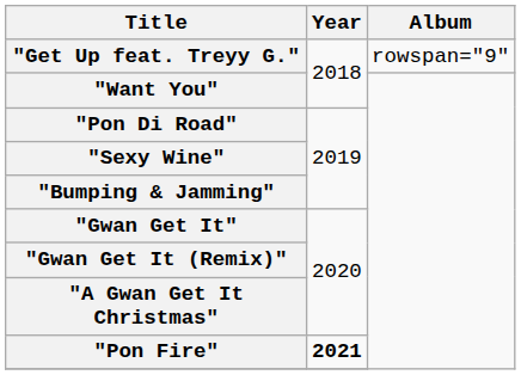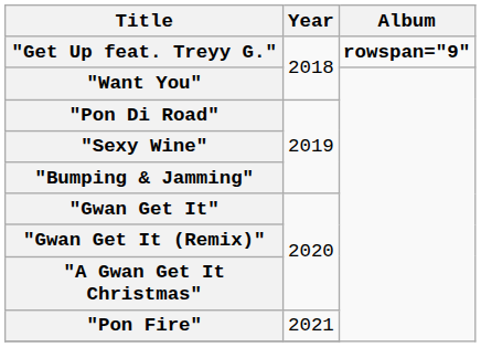 <table class="wikitable plainrowheaders" style="text-align:center;">
 <tr>
 <th scope="col" style="width:14em;">Title</th>
 <th scope="col">Year</th>
 <th scope="col">Album</th>
 </tr>
 <tr>
 <th scope="row">"Get Up feat. Treyy G."</th>
 <td rowspan="2">2018</td>
-<td>rowspan="9" </td>
+<td><strong>rowspan="9" </strong></td>
 </tr>
 <tr>
 <th scope="row">"Want You"</th>
 </tr>
 <tr>
 <th scope="row">"Pon Di Road"</th>
 <td rowspan="3">2019</td>
 </tr>
 <tr>
 <th scope="row">"Sexy Wine"</th>
 </tr>
 <tr>
 <th scope="row">"Bumping & Jamming"</th>
 </tr>
 <tr>
 <th scope="row">"Gwan Get It"</th>
 <td rowspan="3">2020</td>
 </tr>
 <tr>
 <th scope="row">"Gwan Get It (Remix)"</th>
 </tr>
 <tr>
 <th scope="row">"A Gwan Get It Christmas"</th>
 </tr>
 <tr>
 <th scope="row">"Pon Fire"</th>
-<td rowspan="1"><strong>2021</strong></td>
+<td rowspan="1">2021</td>
 </tr>
 <tr>
 </tr>
 </table>
